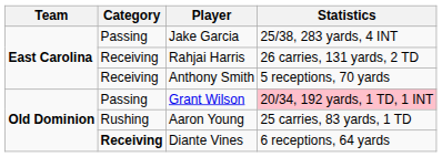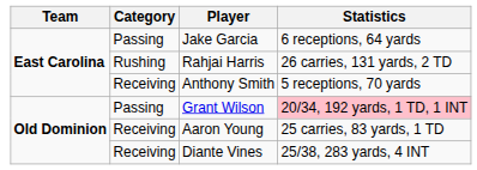 <table class="wikitable" style="float: right;">
 <tr>
 <th>Team</th>
 <th>Category</th>
 <th>Player</th>
 <th>Statistics</th>
 </tr>
 <tr>
 <td rowspan=3><strong>East Carolina</strong></td>
 <td>Passing</td>
 <td>Jake Garcia</td>
-<td>25/38, 283 yards, 4 INT</td>
+<td>6 receptions, 64 yards</td>
 </tr>
 <tr>
-<td>Receiving</td>
+<td>Rushing</td>
 <td>Rahjai Harris</td>
 <td>26 carries, 131 yards, 2 TD</td>
 </tr>
 <tr>
 <td>Receiving</td>
 <td>Anthony Smith</td>
 <td>5 receptions, 70 yards</td>
 </tr>
 <tr>
 <td rowspan=3><strong>Old Dominion</strong></td>
 <td>Passing</td>
 <td><a href='#'>Grant Wilson</a></td>
 <td style="background: pink;">20/34, 192 yards, 1 TD, 1 INT</td>
 </tr>
 <tr>
-<td>Rushing</td>
+<td>Receiving</td>
 <td>Aaron Young</td>
 <td>25 carries, 83 yards, 1 TD</td>
 </tr>
 <tr>
-<td><strong>Receiving</strong></td>
+<td>Receiving</td>
 <td>Diante Vines</td>
-<td>6 receptions, 64 yards</td>
+<td>25/38, 283 yards, 4 INT</td>
 </tr>
 </table>
